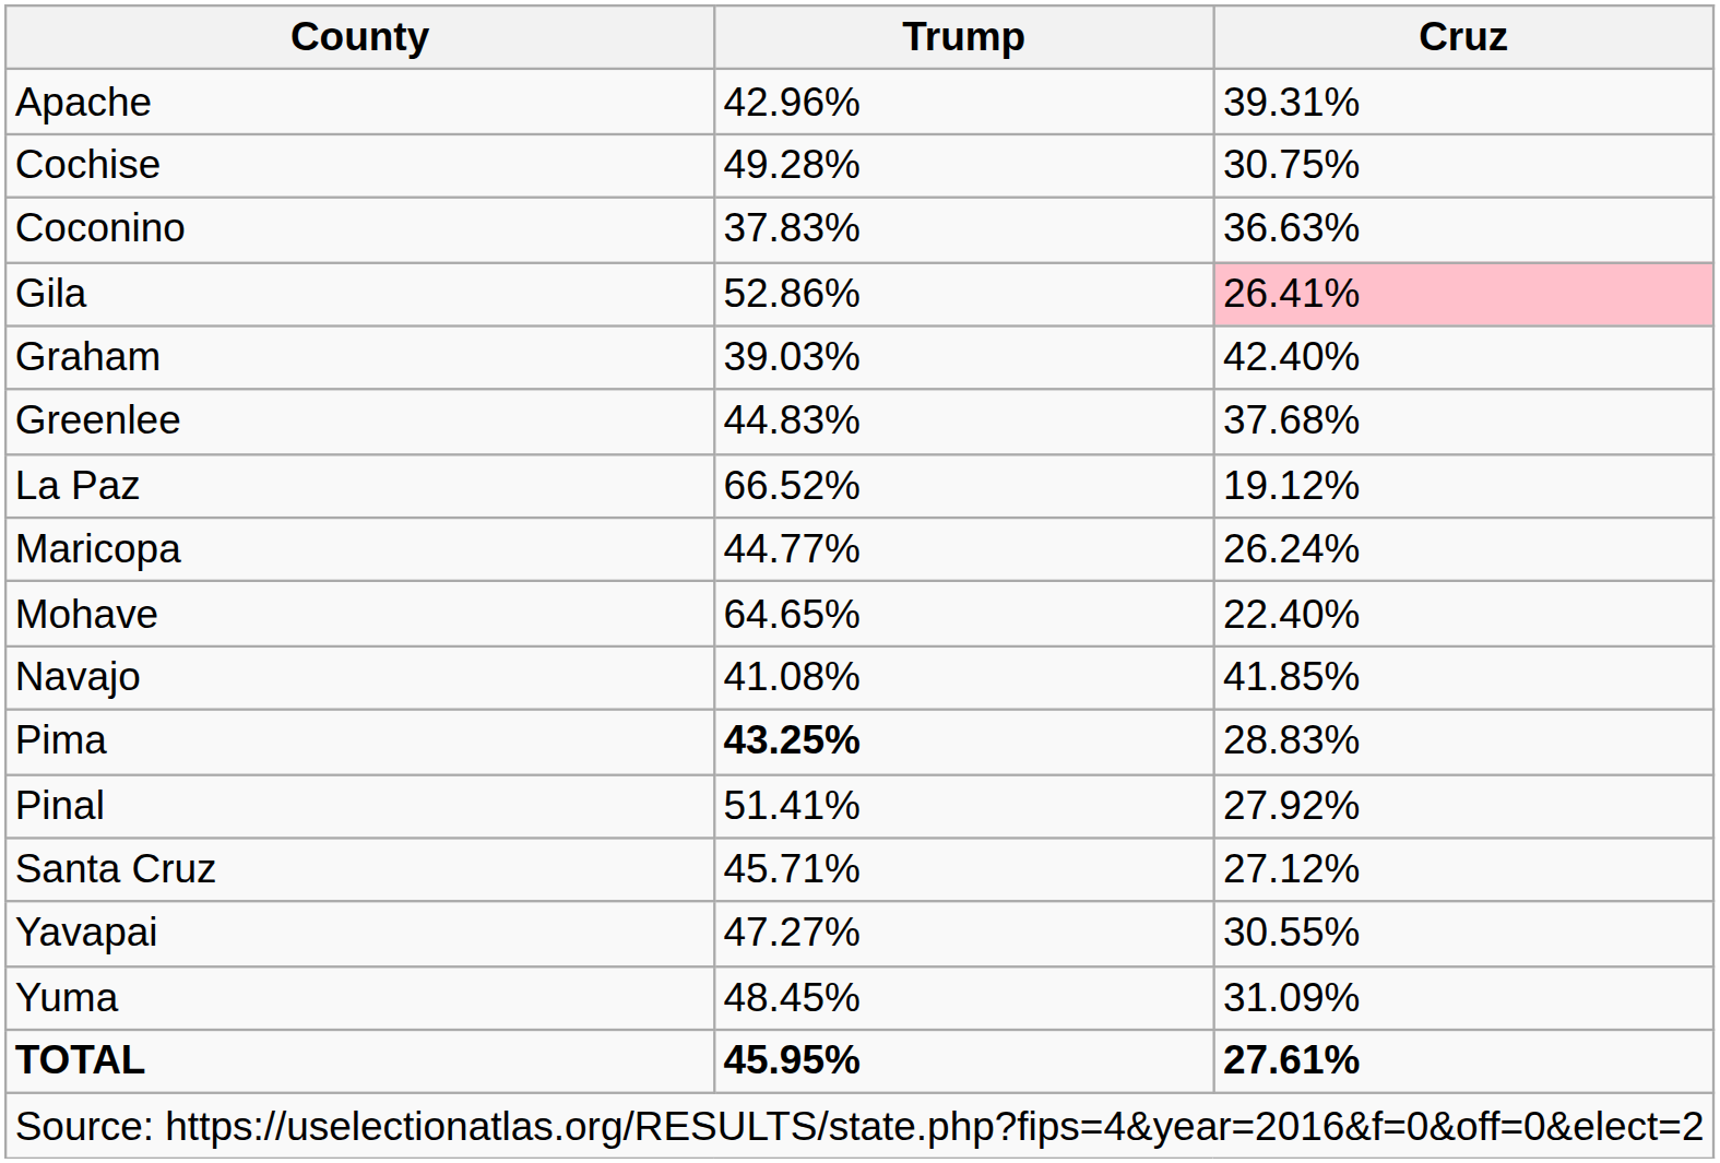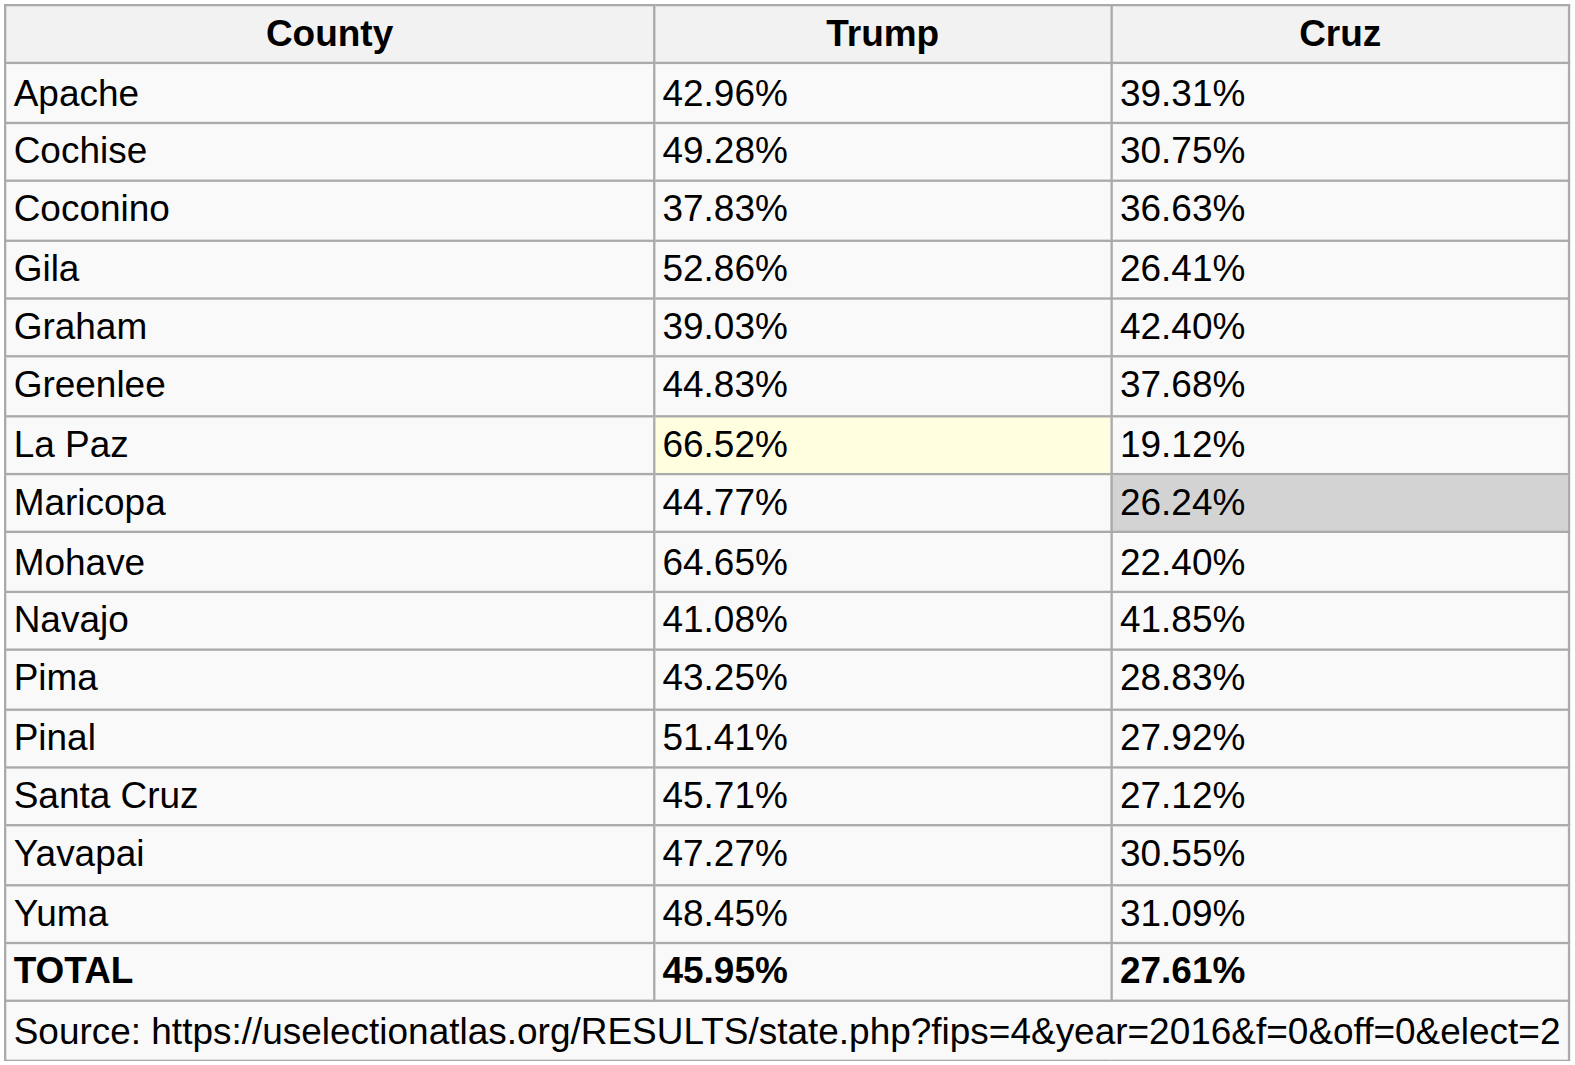 <table class="wikitable sortable">
 <tr>
 <th>County</th>
 <th>Trump</th>
 <th>Cruz</th>
 </tr>
 <tr>
 <td>Apache</td>
 <td>42.96%</td>
 <td>39.31%</td>
 </tr>
 <tr>
 <td>Cochise</td>
 <td>49.28%</td>
 <td>30.75%</td>
 </tr>
 <tr>
 <td>Coconino</td>
 <td>37.83%</td>
 <td>36.63%</td>
 </tr>
 <tr>
 <td>Gila</td>
 <td>52.86%</td>
-<td style="background: pink;">26.41%</td>
+<td>26.41%</td>
 </tr>
 <tr>
 <td>Graham</td>
 <td>39.03%</td>
 <td>42.40%</td>
 </tr>
 <tr>
 <td>Greenlee</td>
 <td>44.83%</td>
 <td>37.68%</td>
 </tr>
 <tr>
 <td>La Paz</td>
-<td>66.52%</td>
+<td style="background: lightyellow;">66.52%</td>
 <td>19.12%</td>
 </tr>
 <tr>
 <td>Maricopa</td>
 <td>44.77%</td>
-<td>26.24%</td>
+<td style="background: lightgrey;">26.24%</td>
 </tr>
 <tr>
 <td>Mohave</td>
 <td>64.65%</td>
 <td>22.40%</td>
 </tr>
 <tr>
 <td>Navajo</td>
 <td>41.08%</td>
 <td>41.85%</td>
 </tr>
 <tr>
 <td>Pima</td>
-<td><strong>43.25%</strong></td>
+<td>43.25%</td>
 <td>28.83%</td>
 </tr>
 <tr>
 <td>Pinal</td>
 <td>51.41%</td>
 <td>27.92%</td>
 </tr>
 <tr>
 <td>Santa Cruz</td>
 <td>45.71%</td>
 <td>27.12%</td>
 </tr>
 <tr>
 <td>Yavapai</td>
 <td>47.27%</td>
 <td>30.55%</td>
 </tr>
 <tr>
 <td>Yuma</td>
 <td>48.45%</td>
 <td>31.09%</td>
 </tr>
 <tr>
 <td><strong>TOTAL</strong></td>
 <td><strong>45.95%</strong></td>
 <td><strong>27.61%</strong></td>
 </tr>
 <tr>
 <td colspan="3">Source: https://uselectionatlas.org/RESULTS/state.php?fips=4&year=2016&f=0&off=0&elect=2</td>
 </tr>
 </table>
